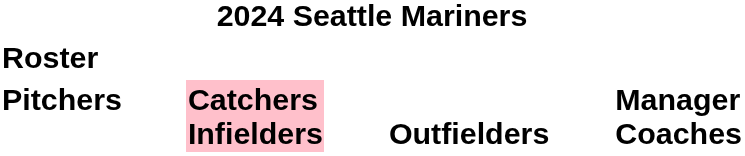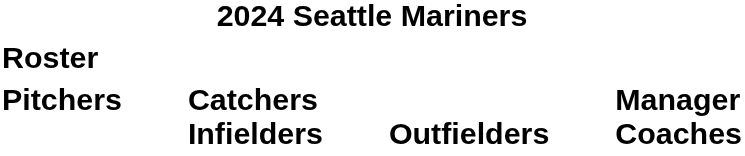 <table class="toccolours" style="font-size: 95%;">
 <tr>
 <th colspan="10">2024 Seattle Mariners</th>
 </tr>
 <tr>
 <td colspan="10"><strong>Roster</strong></td>
 </tr>
 <tr>
 <td valign="top"><strong>Pitchers</strong><br>                         </td>
 <td style="width:25px;"></td>
-<td valign="top" style="background: pink;"><strong>Catchers</strong><br>   <strong>Infielders</strong>           </td>
+<td valign="top"><strong>Catchers</strong><br>   <strong>Infielders</strong>           </td>
 <td style="width:25px;"></td>
 <td valign="top"><br><strong>Outfielders</strong>          </td>
 <td style="width:25px;"></td>
 <td valign="top"><strong>Manager</strong><br>  <strong>Coaches</strong>                              </td>
 </tr>
 </table>
